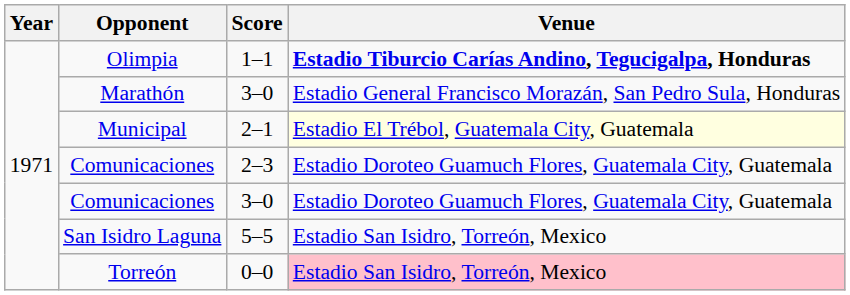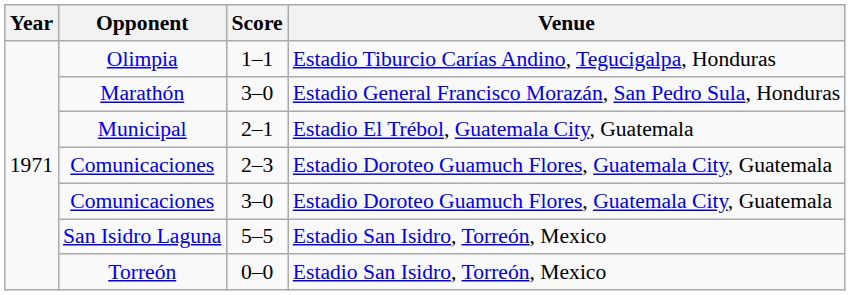 <table class="wikitable" style="font-size: 90%; text-align:left">
 <tr>
 <th>Year</th>
 <th>Opponent</th>
 <th>Score</th>
 <th>Venue</th>
 </tr>
 <tr>
 <td rowspan=7>1971</td>
 <td align=center> <a href='#'>Olimpia</a></td>
 <td align=center>1–1</td>
-<td><strong><a href='#'>Estadio Tiburcio Carías Andino</a>, <a href='#'>Tegucigalpa</a>, Honduras</strong></td>
+<td><a href='#'>Estadio Tiburcio Carías Andino</a>, <a href='#'>Tegucigalpa</a>, Honduras</td>
 </tr>
 <tr>
 <td align=center> <a href='#'>Marathón</a></td>
 <td align=center>3–0</td>
 <td><a href='#'>Estadio General Francisco Morazán</a>, <a href='#'>San Pedro Sula</a>, Honduras</td>
 </tr>
 <tr>
 <td align=center> <a href='#'>Municipal</a></td>
 <td align=center>2–1</td>
-<td style="background: lightyellow;"><a href='#'>Estadio El Trébol</a>, <a href='#'>Guatemala City</a>, Guatemala</td>
+<td><a href='#'>Estadio El Trébol</a>, <a href='#'>Guatemala City</a>, Guatemala</td>
 </tr>
 <tr>
 <td align=center> <a href='#'>Comunicaciones</a></td>
 <td align=center>2–3</td>
 <td><a href='#'>Estadio Doroteo Guamuch Flores</a>, <a href='#'>Guatemala City</a>, Guatemala</td>
 </tr>
 <tr>
 <td align=center> <a href='#'>Comunicaciones</a></td>
 <td align=center>3–0</td>
 <td><a href='#'>Estadio Doroteo Guamuch Flores</a>, <a href='#'>Guatemala City</a>, Guatemala</td>
 </tr>
 <tr>
 <td align=center> <a href='#'>San Isidro Laguna</a></td>
 <td align=center>5–5</td>
 <td><a href='#'>Estadio San Isidro</a>, <a href='#'>Torreón</a>, Mexico</td>
 </tr>
 <tr>
 <td align=center> <a href='#'>Torreón</a></td>
 <td align=center>0–0</td>
-<td style="background: pink;"><a href='#'>Estadio San Isidro</a>, <a href='#'>Torreón</a>, Mexico</td>
+<td><a href='#'>Estadio San Isidro</a>, <a href='#'>Torreón</a>, Mexico</td>
 </tr>
 </table>
